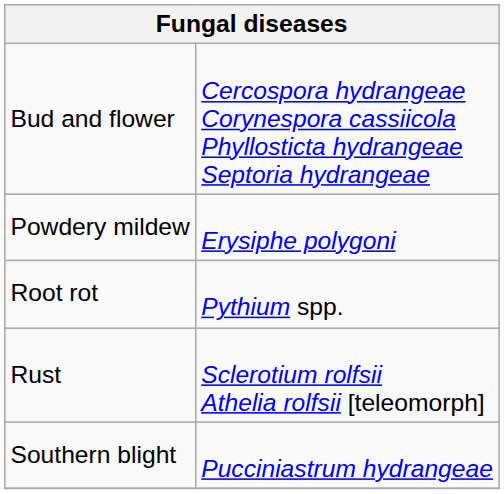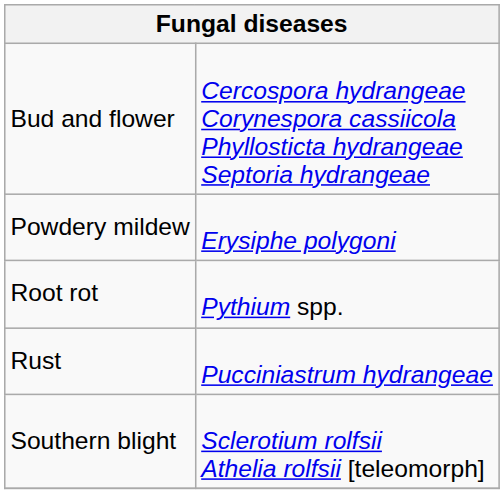 <table class="wikitable" style="clear">
 <tr>
 <th colspan=2><strong>Fungal diseases</strong><br></th>
 </tr>
 <tr>
 <td>Bud and flower</td>
 <td><br><em><a href='#'>Cercospora hydrangeae</a></em><br> <em><a href='#'>Corynespora cassiicola</a></em><br> <em><a href='#'>Phyllosticta hydrangeae</a></em><br> <em><a href='#'>Septoria hydrangeae</a></em></td>
 </tr>
 <tr>
 <td>Powdery mildew</td>
 <td><br><em><a href='#'>Erysiphe polygoni</a></em></td>
 </tr>
 <tr>
 <td>Root rot</td>
 <td><br><em><a href='#'>Pythium</a></em> spp.</td>
 </tr>
 <tr>
 <td>Rust</td>
-<td><br><em><a href='#'>Sclerotium rolfsii</a></em><br> <em><a href='#'>Athelia rolfsii</a></em> [teleomorph]</td>
+<td><br><em><a href='#'>Pucciniastrum hydrangeae</a></em></td>
 </tr>
 <tr>
 <td>Southern blight</td>
-<td><br><em><a href='#'>Pucciniastrum hydrangeae</a></em></td>
+<td><br><em><a href='#'>Sclerotium rolfsii</a></em><br> <em><a href='#'>Athelia rolfsii</a></em> [teleomorph]</td>
 </tr>
 <tr>
 </tr>
 </table>
